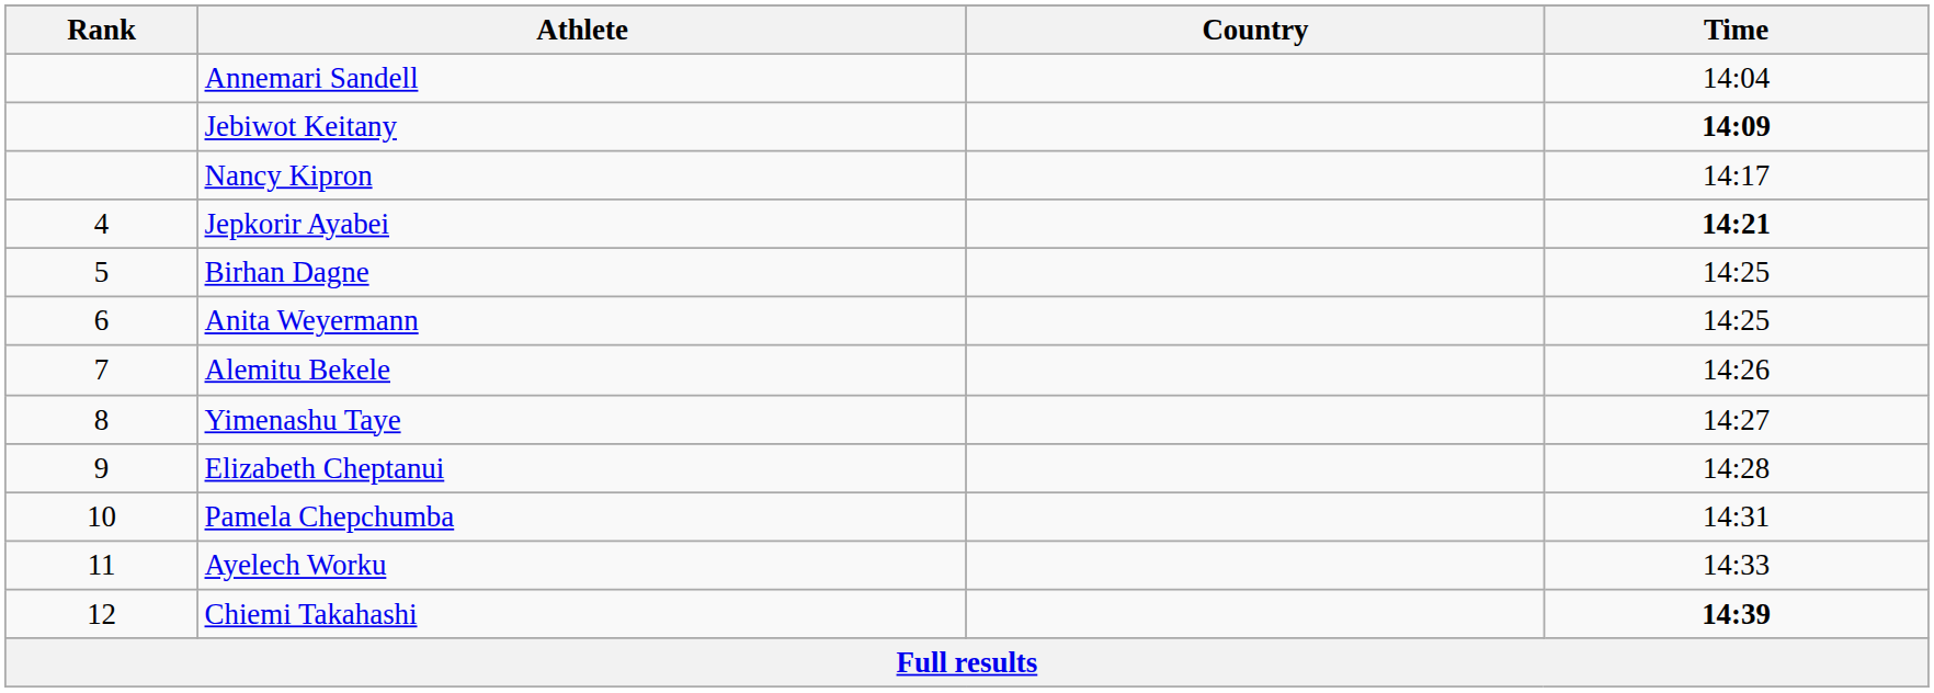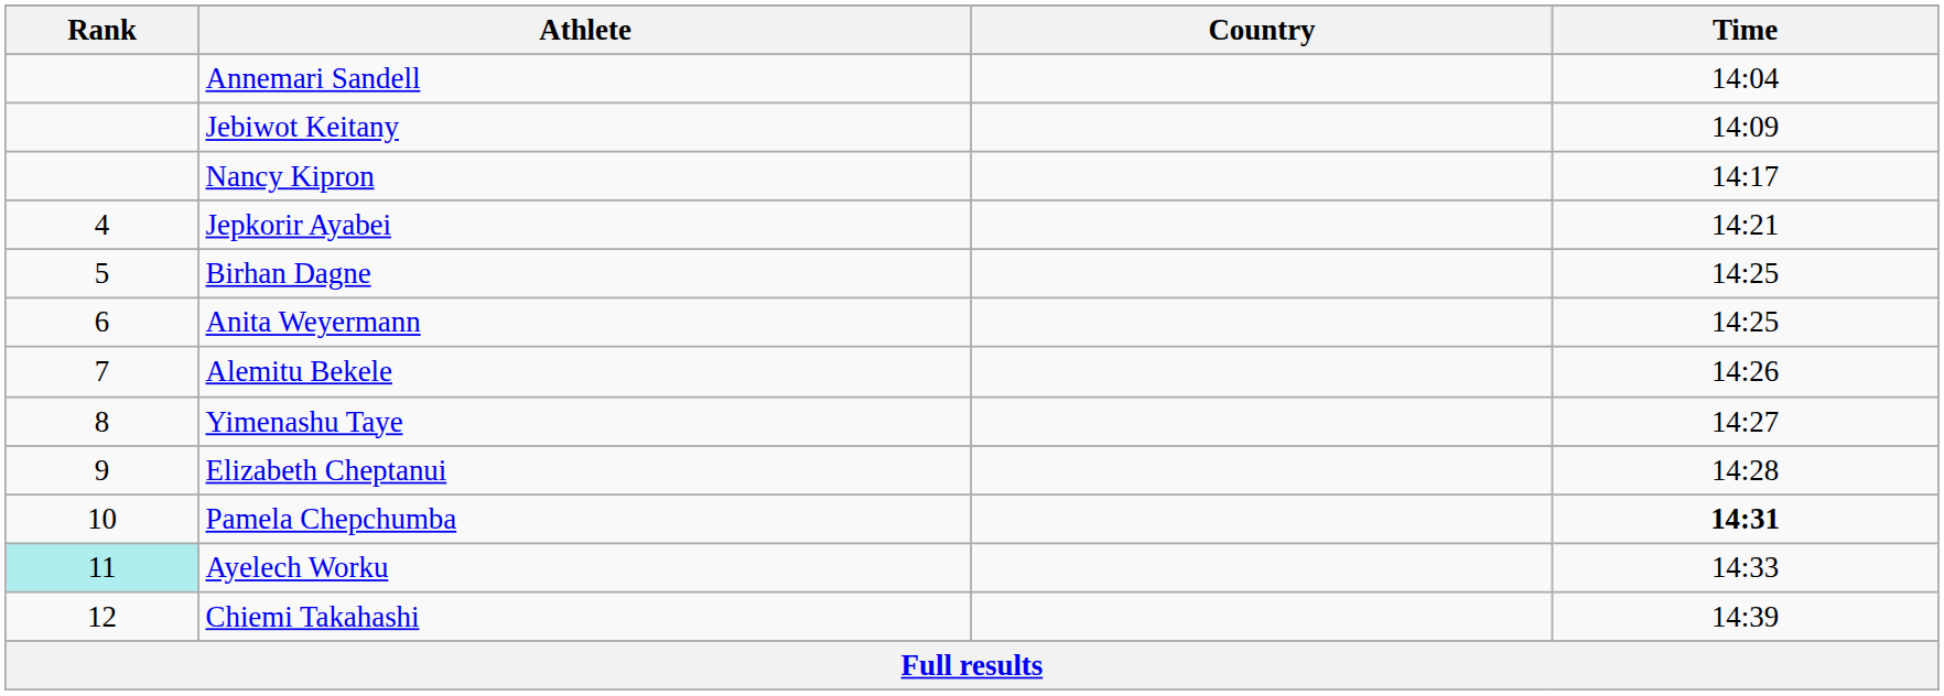 <table class="wikitable sortable" style=" text-align:center; font-size:95%;" width="50%">
 <tr>
 </tr>
 <tr>
 <th width=5%>Rank</th>
 <th width=20%>Athlete</th>
 <th width=15%>Country</th>
 <th width=10%>Time</th>
 </tr>
 <tr>
 <td align=center></td>
 <td align=left><a href='#'>Annemari Sandell</a></td>
 <td align=left></td>
 <td>14:04</td>
 </tr>
 <tr>
 <td align=center></td>
 <td align=left><a href='#'>Jebiwot Keitany</a></td>
 <td align=left></td>
-<td><strong>14:09</strong></td>
+<td>14:09</td>
 </tr>
 <tr>
 <td align=center></td>
 <td align=left><a href='#'>Nancy Kipron</a></td>
 <td align=left></td>
 <td>14:17</td>
 </tr>
 <tr>
 <td align=center>4</td>
 <td align=left><a href='#'>Jepkorir Ayabei</a></td>
 <td align=left></td>
-<td><strong>14:21</strong></td>
+<td>14:21</td>
 </tr>
 <tr>
 <td align=center>5</td>
 <td align=left><a href='#'>Birhan Dagne</a></td>
 <td align=left></td>
 <td>14:25</td>
 </tr>
 <tr>
 <td align=center>6</td>
 <td align=left><a href='#'>Anita Weyermann</a></td>
 <td align=left></td>
 <td>14:25</td>
 </tr>
 <tr>
 <td align=center>7</td>
 <td align=left><a href='#'>Alemitu Bekele</a></td>
 <td align=left></td>
 <td>14:26</td>
 </tr>
 <tr>
 <td align=center>8</td>
 <td align=left><a href='#'>Yimenashu Taye</a></td>
 <td align=left></td>
 <td>14:27</td>
 </tr>
 <tr>
 <td align=center>9</td>
 <td align=left><a href='#'>Elizabeth Cheptanui</a></td>
 <td align=left></td>
 <td>14:28</td>
 </tr>
 <tr>
 <td align=center>10</td>
 <td align=left><a href='#'>Pamela Chepchumba</a></td>
 <td align=left></td>
-<td>14:31</td>
+<td><strong>14:31</strong></td>
 </tr>
 <tr>
-<td align=center>11</td>
+<td align=center style="background: paleturquoise;">11</td>
 <td align=left><a href='#'>Ayelech Worku</a></td>
 <td align=left></td>
 <td>14:33</td>
 </tr>
 <tr>
 <td align=center>12</td>
 <td align=left><a href='#'>Chiemi Takahashi</a></td>
 <td align=left></td>
-<td><strong>14:39</strong></td>
+<td>14:39</td>
 </tr>
 <tr class="sortbottom">
 <th colspan=4 align=center><a href='#'>Full results</a></th>
 </tr>
 </table>
